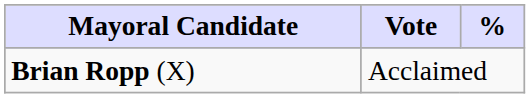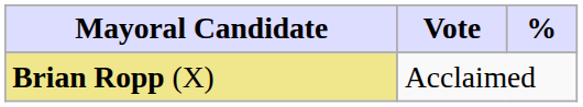 <table class="wikitable">
 <tr>
 <th style="background:#ddf; width:200px;">Mayoral Candidate</th>
 <th style="background:#ddf; width:50px;">Vote</th>
 <th style="background:#ddf; width:30px;">%</th>
 </tr>
 <tr>
-<td><strong>Brian Ropp</strong> (X)</td>
+<td style="background: khaki;"><strong>Brian Ropp</strong> (X)</td>
 <td colspan="2">Acclaimed</td>
 </tr>
 </table>
